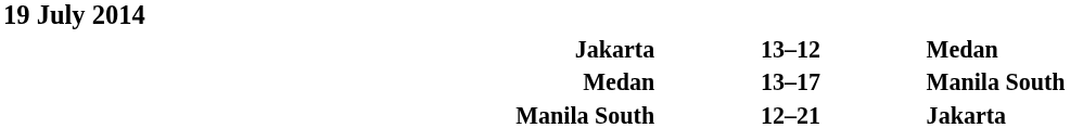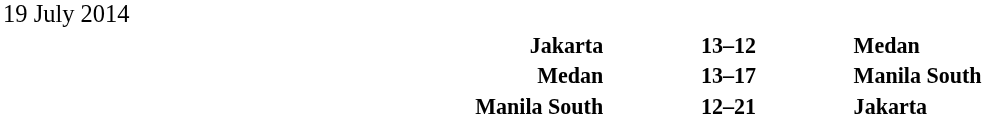 <table style="width:100%;" cellspacing="1">
 <tr>
 <th width=25%></th>
 <th width=2%></th>
 <th width=6%></th>
 <th width=2%></th>
 <th width=25%></th>
 </tr>
 <tr>
-<td><strong>19 July 2014</strong></td>
+<td>19 July 2014</td>
 </tr>
 <tr style=font-size:90%>
 <td align=right><strong>Jakarta </strong></td>
 <td></td>
 <td align=center><strong>13–12</strong></td>
 <td></td>
 <td><strong> Medan</strong></td>
 <td></td>
 </tr>
 <tr style=font-size:90%>
 <td align=right><strong>Medan </strong></td>
 <td></td>
 <td align=center><strong>13–17</strong></td>
 <td></td>
 <td><strong> Manila South</strong></td>
 <td></td>
 </tr>
 <tr style=font-size:90%>
 <td align=right><strong>Manila South </strong></td>
 <td></td>
 <td align=center><strong>12–21</strong></td>
 <td></td>
 <td><strong> Jakarta</strong></td>
 <td></td>
 </tr>
 </table>
